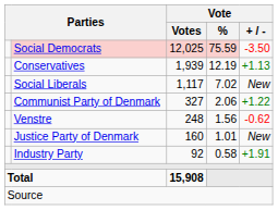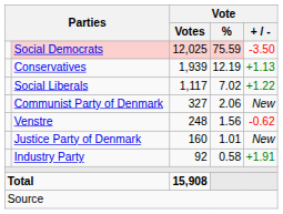 <table class="wikitable" style="text-align:right;">
 <tr>
 <th style="text-align:centre;" rowspan="2" colspan="2" width="225">Parties</th>
 <th colspan="3">Vote</th>
 </tr>
 <tr>
 <th width="15">Votes</th>
 <th width="15">%</th>
 <th width="15">+ / -</th>
 </tr>
 <tr>
 <td width="2" style="color:inherit;background:"></td>
 <td bgcolor=#fbd0ce  align="left"><a href='#'>Social Democrats</a></td>
 <td bgcolor=#fbd0ce>12,025</td>
 <td bgcolor=#fbd0ce>75.59</td>
 <td style=color:red;>-3.50</td>
 </tr>
 <tr>
 <td width="2" style="color:inherit;background:"></td>
 <td align="left"><a href='#'>Conservatives</a></td>
 <td>1,939</td>
 <td>12.19</td>
 <td style=color:green;>+1.13</td>
 </tr>
 <tr>
 <td width="2" style="color:inherit;background:"></td>
 <td align="left"><a href='#'>Social Liberals</a></td>
 <td>1,117</td>
 <td>7.02</td>
-<td><em>New</em></td>
+<td style=color:green;>+1.22</td>
 </tr>
 <tr>
 <td width="2" style="color:inherit;background:"></td>
 <td align="left"><a href='#'>Communist Party of Denmark</a></td>
 <td>327</td>
 <td>2.06</td>
-<td style=color:green;>+1.22</td>
+<td><em>New</em></td>
 </tr>
 <tr>
 <td width="2" style="color:inherit;background:"></td>
 <td align="left"><a href='#'>Venstre</a></td>
 <td>248</td>
 <td>1.56</td>
 <td style=color:red;>-0.62</td>
 </tr>
 <tr>
 <td width="2" style="color:inherit;background:"></td>
 <td align="left"><a href='#'>Justice Party of Denmark</a></td>
 <td>160</td>
 <td>1.01</td>
 <td><em>New</em></td>
 </tr>
 <tr>
 <td width="2" style="color:inherit;background:"></td>
 <td align="left"><a href='#'>Industry Party</a></td>
 <td>92</td>
 <td>0.58</td>
 <td style=color:green;>+1.91</td>
 </tr>
 <tr>
 <td colspan="7" bgcolor="#E9E9E9"></td>
 </tr>
 <tr>
 <td align="left" colspan="2"><strong>Total</strong></td>
 <td><strong>15,908</strong></td>
 <td bgcolor="#E9E9E9" colspan="2"></td>
 </tr>
 <tr>
 <td align="left" colspan="6">Source</td>
 </tr>
 </table>
